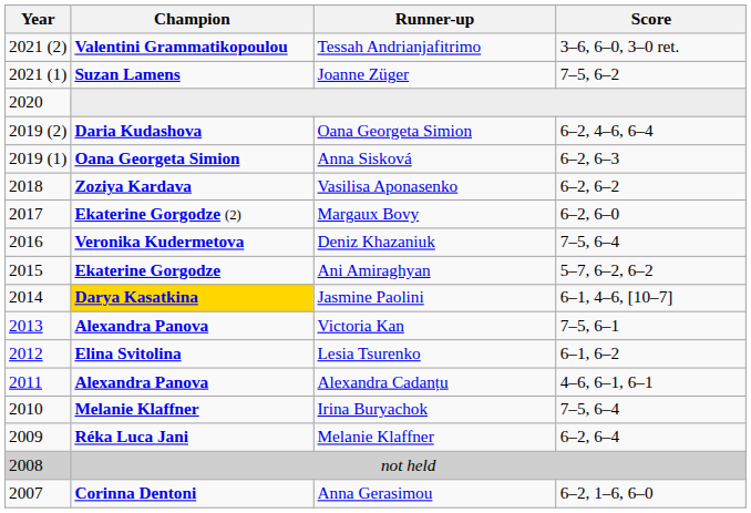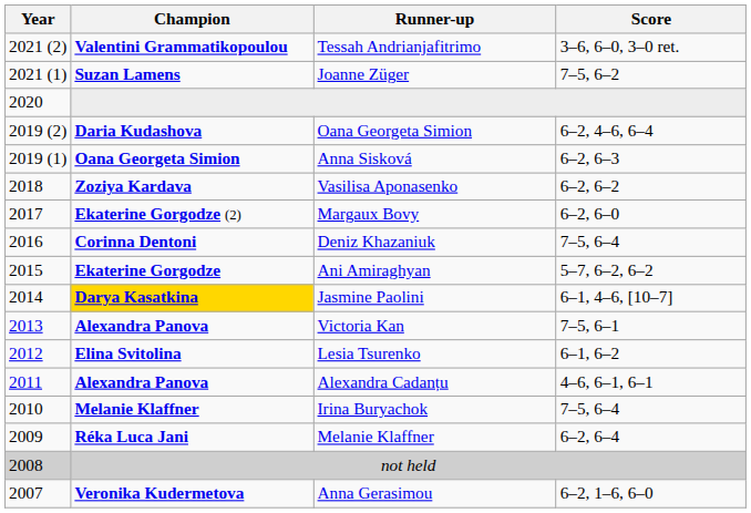 <table class="wikitable" style="font-size:90%">
 <tr>
 <th>Year</th>
 <th width="200">Champion</th>
 <th width="200">Runner-up</th>
 <th width="155">Score</th>
 </tr>
 <tr>
 <td>2021 (2)</td>
 <td> <strong><a href='#'>Valentini Grammatikopoulou</a></strong></td>
 <td> <a href='#'>Tessah Andrianjafitrimo</a></td>
 <td>3–6, 6–0, 3–0 ret.</td>
 </tr>
 <tr>
 <td>2021 (1)</td>
 <td> <strong><a href='#'>Suzan Lamens</a></strong></td>
 <td> <a href='#'>Joanne Züger</a></td>
 <td>7–5, 6–2</td>
 </tr>
 <tr>
 <td>2020</td>
 <td colspan=3 bgcolor="#ededed"></td>
 </tr>
 <tr>
 <td>2019 (2)</td>
 <td> <strong><a href='#'>Daria Kudashova</a></strong></td>
 <td> <a href='#'>Oana Georgeta Simion</a></td>
 <td>6–2, 4–6, 6–4</td>
 </tr>
 <tr>
 <td>2019 (1)</td>
 <td> <strong><a href='#'>Oana Georgeta Simion</a></strong></td>
 <td> <a href='#'>Anna Sisková</a></td>
 <td>6–2, 6–3</td>
 </tr>
 <tr>
 <td>2018</td>
 <td> <strong><a href='#'>Zoziya Kardava</a></strong></td>
 <td> <a href='#'>Vasilisa Aponasenko</a></td>
 <td>6–2, 6–2</td>
 </tr>
 <tr>
 <td>2017</td>
 <td> <strong><a href='#'>Ekaterine Gorgodze</a></strong> <small>(2)</small></td>
 <td> <a href='#'>Margaux Bovy</a></td>
 <td>6–2, 6–0</td>
 </tr>
 <tr>
 <td>2016</td>
-<td> <strong><a href='#'>Veronika Kudermetova</a></strong></td>
+<td> <strong><a href='#'>Corinna Dentoni</a></strong></td>
 <td> <a href='#'>Deniz Khazaniuk</a></td>
 <td>7–5, 6–4</td>
 </tr>
 <tr>
 <td>2015</td>
 <td> <strong><a href='#'>Ekaterine Gorgodze</a></strong></td>
 <td> <a href='#'>Ani Amiraghyan</a></td>
 <td>5–7, 6–2, 6–2</td>
 </tr>
 <tr>
 <td>2014</td>
 <td style="background: gold;"> <strong><a href='#'>Darya Kasatkina</a></strong></td>
 <td> <a href='#'>Jasmine Paolini</a></td>
 <td>6–1, 4–6, [10–7]</td>
 </tr>
 <tr>
 <td><a href='#'>2013</a></td>
 <td> <strong><a href='#'>Alexandra Panova</a></strong></td>
 <td> <a href='#'>Victoria Kan</a></td>
 <td>7–5, 6–1</td>
 </tr>
 <tr>
 <td><a href='#'>2012</a></td>
 <td> <strong><a href='#'>Elina Svitolina</a></strong></td>
 <td> <a href='#'>Lesia Tsurenko</a></td>
 <td>6–1, 6–2</td>
 </tr>
 <tr>
 <td><a href='#'>2011</a></td>
 <td> <strong><a href='#'>Alexandra Panova</a></strong></td>
 <td> <a href='#'>Alexandra Cadanțu</a></td>
 <td>4–6, 6–1, 6–1</td>
 </tr>
 <tr>
 <td>2010</td>
 <td> <strong><a href='#'>Melanie Klaffner</a></strong></td>
 <td> <a href='#'>Irina Buryachok</a></td>
 <td>7–5, 6–4</td>
 </tr>
 <tr>
 <td>2009</td>
 <td> <strong><a href='#'>Réka Luca Jani</a></strong></td>
 <td> <a href='#'>Melanie Klaffner</a></td>
 <td>6–2, 6–4</td>
 </tr>
 <tr>
 <td style="background:#cfcfcf">2008</td>
 <td colspan=4 align=center style="background:#cfcfcf"><em>not held</em></td>
 </tr>
 <tr>
 <td>2007</td>
-<td> <strong><a href='#'>Corinna Dentoni</a></strong></td>
+<td> <strong><a href='#'>Veronika Kudermetova</a></strong></td>
 <td> <a href='#'>Anna Gerasimou</a></td>
 <td>6–2, 1–6, 6–0</td>
 </tr>
 </table>
